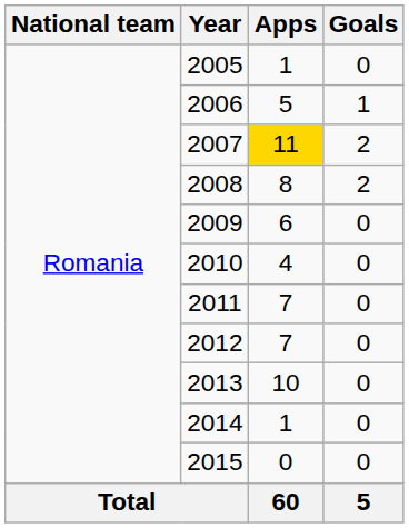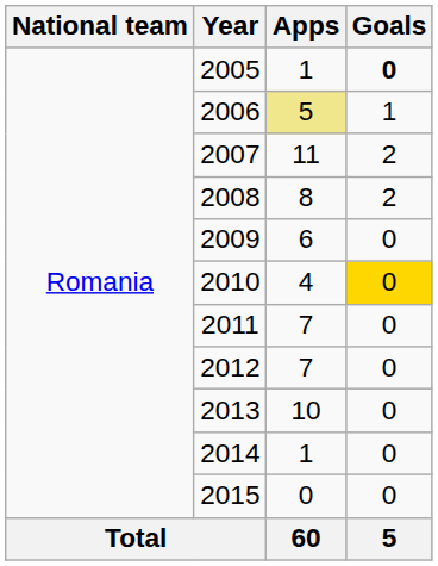 <table class="wikitable" style="text-align:center">
 <tr>
 <th>National team</th>
 <th>Year</th>
 <th>Apps</th>
 <th>Goals</th>
 </tr>
 <tr>
 <td rowspan="11"><a href='#'>Romania</a></td>
 <td>2005</td>
 <td>1</td>
-<td>0</td>
+<td><strong>0</strong></td>
 </tr>
 <tr>
 <td>2006</td>
-<td>5</td>
+<td style="background: khaki;">5</td>
 <td>1</td>
 </tr>
 <tr>
 <td>2007</td>
-<td style="background: gold;">11</td>
+<td>11</td>
 <td>2</td>
 </tr>
 <tr>
 <td>2008</td>
 <td>8</td>
 <td>2</td>
 </tr>
 <tr>
 <td>2009</td>
 <td>6</td>
 <td>0</td>
 </tr>
 <tr>
 <td>2010</td>
 <td>4</td>
-<td>0</td>
+<td style="background: gold;">0</td>
 </tr>
 <tr>
 <td>2011</td>
 <td>7</td>
 <td>0</td>
 </tr>
 <tr>
 <td>2012</td>
 <td>7</td>
 <td>0</td>
 </tr>
 <tr>
 <td>2013</td>
 <td>10</td>
 <td>0</td>
 </tr>
 <tr>
 <td>2014</td>
 <td>1</td>
 <td>0</td>
 </tr>
 <tr>
 <td>2015</td>
 <td>0</td>
 <td>0</td>
 </tr>
 <tr>
 <th colspan="2">Total</th>
 <th>60</th>
 <th>5</th>
 </tr>
 </table>
